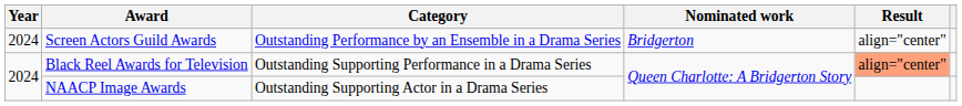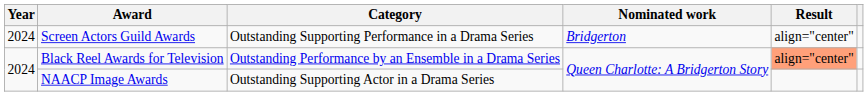 <table class="wikitable plainrowheaders sortable">
 <tr>
 <th>Year</th>
 <th>Award</th>
 <th>Category</th>
 <th>Nominated work</th>
 <th>Result</th>
 <th class="unsortable"></th>
 </tr>
 <tr>
 <td>2024</td>
 <td><a href='#'>Screen Actors Guild Awards</a></td>
-<td><a href='#'>Outstanding Performance by an Ensemble in a Drama Series</a></td>
+<td>Outstanding Supporting Performance in a Drama Series</td>
 <td><em><a href='#'>Bridgerton</a></em></td>
 <td>align="center"</td>
 <td></td>
 </tr>
 <tr>
 <td rowspan="2">2024</td>
 <td><a href='#'>Black Reel Awards for Television</a></td>
-<td>Outstanding Supporting Performance in a Drama Series</td>
+<td><a href='#'>Outstanding Performance by an Ensemble in a Drama Series</a></td>
 <td rowspan="2"><em><a href='#'>Queen Charlotte: A Bridgerton Story</a></em></td>
 <td style="background: lightsalmon;">align="center"</td>
 <td></td>
 </tr>
 <tr>
 <td><a href='#'>NAACP Image Awards</a></td>
 <td>Outstanding Supporting Actor in a Drama Series</td>
 <td></td>
 <td></td>
 </tr>
 </table>
